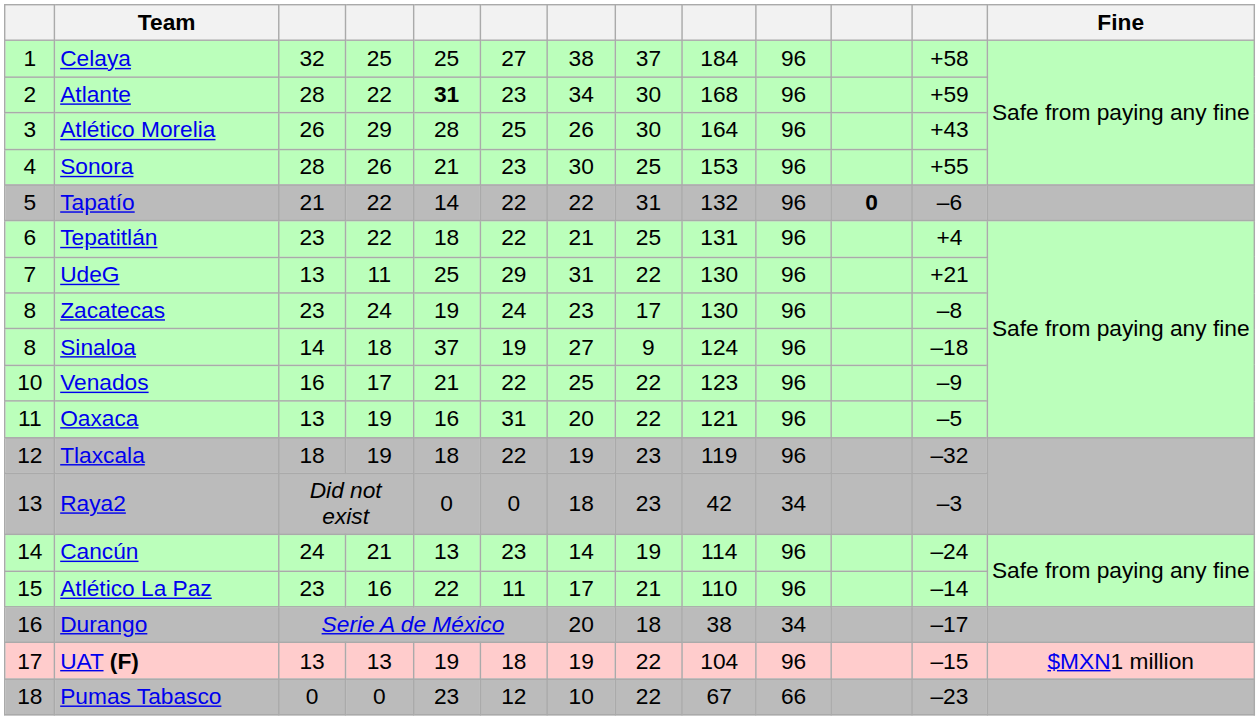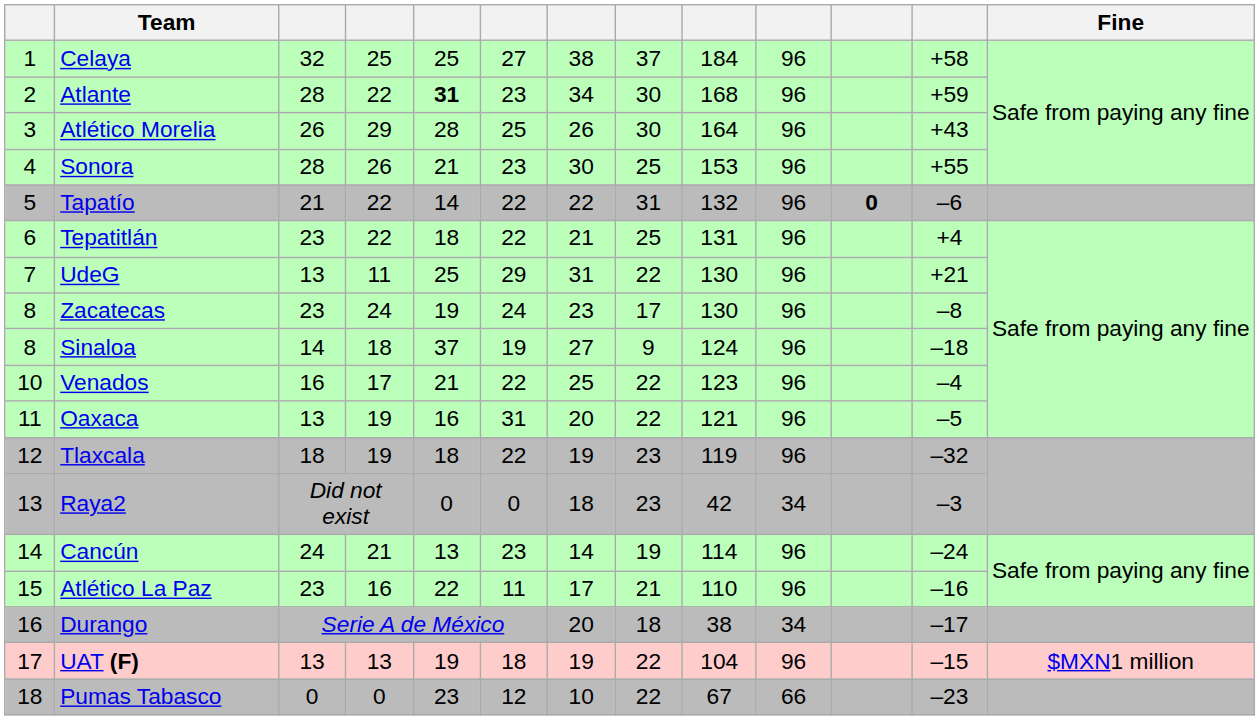 <table class="wikitable sortable" style="text-align: center;">
 <tr>
 <th width=28><br></th>
 <th width=150>Team</th>
 <th width=40></th>
 <th width=40></th>
 <th width=40></th>
 <th width=40></th>
 <th width=40></th>
 <th width=40></th>
 <th width=45></th>
 <th width=45></th>
 <th width=50><br></th>
 <th width=45><br></th>
 <th>Fine</th>
 </tr>
 <tr style="text-align:center;background:#BBFFBB;">
 <td>1</td>
 <td align=left><a href='#'>Celaya</a></td>
 <td>32</td>
 <td>25</td>
 <td>25</td>
 <td>27</td>
 <td>38</td>
 <td>37</td>
 <td>184</td>
 <td>96</td>
 <td><strong></strong></td>
 <td>+58</td>
 <td align=center rowspan=4>Safe from paying any fine</td>
 </tr>
 <tr style="text-align:center;background:#BBFFBB;">
 <td>2</td>
 <td align=left><a href='#'>Atlante</a></td>
 <td>28</td>
 <td>22</td>
 <td><strong>31</strong></td>
 <td>23</td>
 <td>34</td>
 <td>30</td>
 <td>168</td>
 <td>96</td>
 <td><strong></strong></td>
 <td>+59</td>
 </tr>
 <tr style="text-align:center;background:#BBFFBB;">
 <td>3</td>
 <td align=left><a href='#'>Atlético Morelia</a></td>
 <td>26</td>
 <td>29</td>
 <td>28</td>
 <td>25</td>
 <td>26</td>
 <td>30</td>
 <td>164</td>
 <td>96</td>
 <td><strong></strong></td>
 <td>+43</td>
 </tr>
 <tr style="text-align:center;background:#BBFFBB;">
 <td>4</td>
 <td align=left><a href='#'>Sonora</a></td>
 <td>28</td>
 <td>26</td>
 <td>21</td>
 <td>23</td>
 <td>30</td>
 <td>25</td>
 <td>153</td>
 <td>96</td>
 <td><strong></strong></td>
 <td>+55</td>
 </tr>
 <tr style="text-align:center;background:#BBBBBB;">
 <td>5</td>
 <td align=left><a href='#'>Tapatío</a></td>
 <td>21</td>
 <td>22</td>
 <td>14</td>
 <td>22</td>
 <td>22</td>
 <td>31</td>
 <td>132</td>
 <td>96</td>
 <td><strong>0</strong></td>
 <td>–6</td>
 <td align=center rowspan=1></td>
 </tr>
 <tr style="text-align:center;background:#BBFFBB;">
 <td>6</td>
 <td align=left><a href='#'>Tepatitlán</a></td>
 <td>23</td>
 <td>22</td>
 <td>18</td>
 <td>22</td>
 <td>21</td>
 <td>25</td>
 <td>131</td>
 <td>96</td>
 <td><strong></strong></td>
 <td>+4</td>
 <td align=center rowspan=6>Safe from paying any fine</td>
 </tr>
 <tr style="text-align:center;background:#BBFFBB">
 <td>7</td>
 <td align=left><a href='#'>UdeG</a></td>
 <td>13</td>
 <td>11</td>
 <td>25</td>
 <td>29</td>
 <td>31</td>
 <td>22</td>
 <td>130</td>
 <td>96</td>
 <td><strong></strong></td>
 <td>+21</td>
 </tr>
 <tr style="text-align:center;background:#BBFFBB;">
 <td>8</td>
 <td align=left><a href='#'>Zacatecas</a></td>
 <td>23</td>
 <td>24</td>
 <td>19</td>
 <td>24</td>
 <td>23</td>
 <td>17</td>
 <td>130</td>
 <td>96</td>
 <td><strong></strong></td>
 <td>–8</td>
 </tr>
 <tr style="text-align:center;background:#BBFFBB">
 <td>8</td>
 <td align=left><a href='#'>Sinaloa</a></td>
 <td>14</td>
 <td>18</td>
 <td>37</td>
 <td>19</td>
 <td>27</td>
 <td>9</td>
 <td>124</td>
 <td>96</td>
 <td><strong></strong></td>
 <td>–18</td>
 </tr>
 <tr style="text-align:center;background:#BBFFBB">
 <td>10</td>
 <td align=left><a href='#'>Venados</a></td>
 <td>16</td>
 <td>17</td>
 <td>21</td>
 <td>22</td>
 <td>25</td>
 <td>22</td>
 <td>123</td>
 <td>96</td>
 <td><strong></strong></td>
-<td>–9</td>
+<td>–4</td>
 </tr>
 <tr style="text-align:center;background:#BBFFBB">
 <td>11</td>
 <td align=left><a href='#'>Oaxaca</a></td>
 <td>13</td>
 <td>19</td>
 <td>16</td>
 <td>31</td>
 <td>20</td>
 <td>22</td>
 <td>121</td>
 <td>96</td>
 <td><strong></strong></td>
 <td>–5</td>
 </tr>
 <tr style="text-align:center;background:#BBBBBB;">
 <td>12</td>
 <td align=left><a href='#'>Tlaxcala</a></td>
 <td>18</td>
 <td>19</td>
 <td>18</td>
 <td>22</td>
 <td>19</td>
 <td>23</td>
 <td>119</td>
 <td>96</td>
 <td><strong></strong></td>
 <td>–32</td>
 <td align=center rowspan=2></td>
 </tr>
 <tr style="text-align:center;background:#BBBBBB;">
 <td>13</td>
 <td align=left><a href='#'>Raya2</a></td>
 <td colspan="2"><em>Did not exist</em></td>
 <td>0</td>
 <td>0</td>
 <td>18</td>
 <td>23</td>
 <td>42</td>
 <td>34</td>
 <td><strong></strong></td>
 <td>–3</td>
 </tr>
 <tr style="text-align:center;background:#BBFFBB">
 <td>14</td>
 <td align=left><a href='#'>Cancún</a></td>
 <td>24</td>
 <td>21</td>
 <td>13</td>
 <td>23</td>
 <td>14</td>
 <td>19</td>
 <td>114</td>
 <td>96</td>
 <td><strong></strong></td>
 <td>–24</td>
 <td align=center rowspan=2>Safe from paying any fine</td>
 </tr>
 <tr style="text-align:center;background:#BBFFBB">
 <td>15</td>
 <td align=left><a href='#'>Atlético La Paz</a></td>
 <td>23</td>
 <td>16</td>
 <td>22</td>
 <td>11</td>
 <td>17</td>
 <td>21</td>
 <td>110</td>
 <td>96</td>
 <td><strong></strong></td>
-<td>–14</td>
+<td>–16</td>
 </tr>
 <tr style="text-align:center;background:#BBBBBB;">
 <td>16</td>
 <td align=left><a href='#'>Durango</a></td>
 <td colspan="4"><em><a href='#'>Serie A de México</a></em></td>
 <td>20</td>
 <td>18</td>
 <td>38</td>
 <td>34</td>
 <td><strong></strong></td>
 <td>–17</td>
 <td align=center rowspan=1></td>
 </tr>
 <tr style="text-align:center;background:#FFCCCC;">
 <td>17</td>
 <td align=left><a href='#'>UAT</a> <strong>(F)</strong></td>
 <td>13</td>
 <td>13</td>
 <td>19</td>
 <td>18</td>
 <td>19</td>
 <td>22</td>
 <td>104</td>
 <td>96</td>
 <td><strong></strong></td>
 <td>–15</td>
 <td><a href='#'>$MXN</a>1 million</td>
 </tr>
 <tr style="text-align:center;background:#BBBBBB;">
 <td>18</td>
 <td align=left><a href='#'>Pumas Tabasco</a></td>
 <td>0</td>
 <td>0</td>
 <td>23</td>
 <td>12</td>
 <td>10</td>
 <td>22</td>
 <td>67</td>
 <td>66</td>
 <td><strong></strong></td>
 <td>–23</td>
 <td align=center rowspan=1> </td>
 </tr>
 </table>
